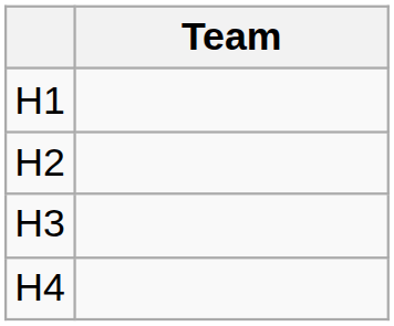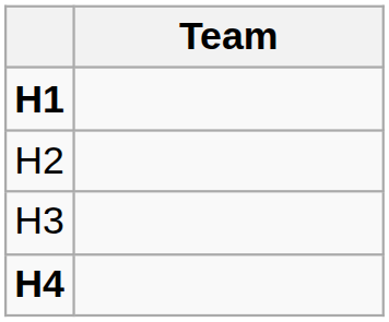 <table class="wikitable" style="display:inline-table;">
 <tr>
 <th></th>
 <th width=120>Team</th>
 </tr>
 <tr>
-<td align=center>H1</td>
+<td align=center><strong>H1</strong></td>
 <td></td>
 </tr>
 <tr>
 <td align=center>H2</td>
 <td></td>
 </tr>
 <tr>
 <td align=center>H3</td>
 <td></td>
 </tr>
 <tr>
-<td align=center>H4</td>
+<td align=center><strong>H4</strong></td>
 <td></td>
 </tr>
 </table>
